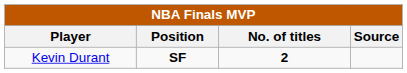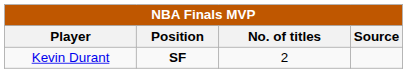 <table class="wikitable" style="text-align:center">
 <tr>
 <td colspan="5" style= "background: #BF5700; color:white"><strong>NBA Finals MVP</strong></td>
 </tr>
 <tr>
 <th style="width:150px; ">Player</th>
 <th style="width:90px; ">Position</th>
 <th style="width:150px; ">No. of titles</th>
 <th style="width:50px; ">Source</th>
 </tr>
 <tr>
 <td><a href='#'>Kevin Durant</a></td>
 <td><strong>SF</strong></td>
-<td><strong>2</strong></td>
+<td>2</td>
 <td></td>
 </tr>
 </table>
